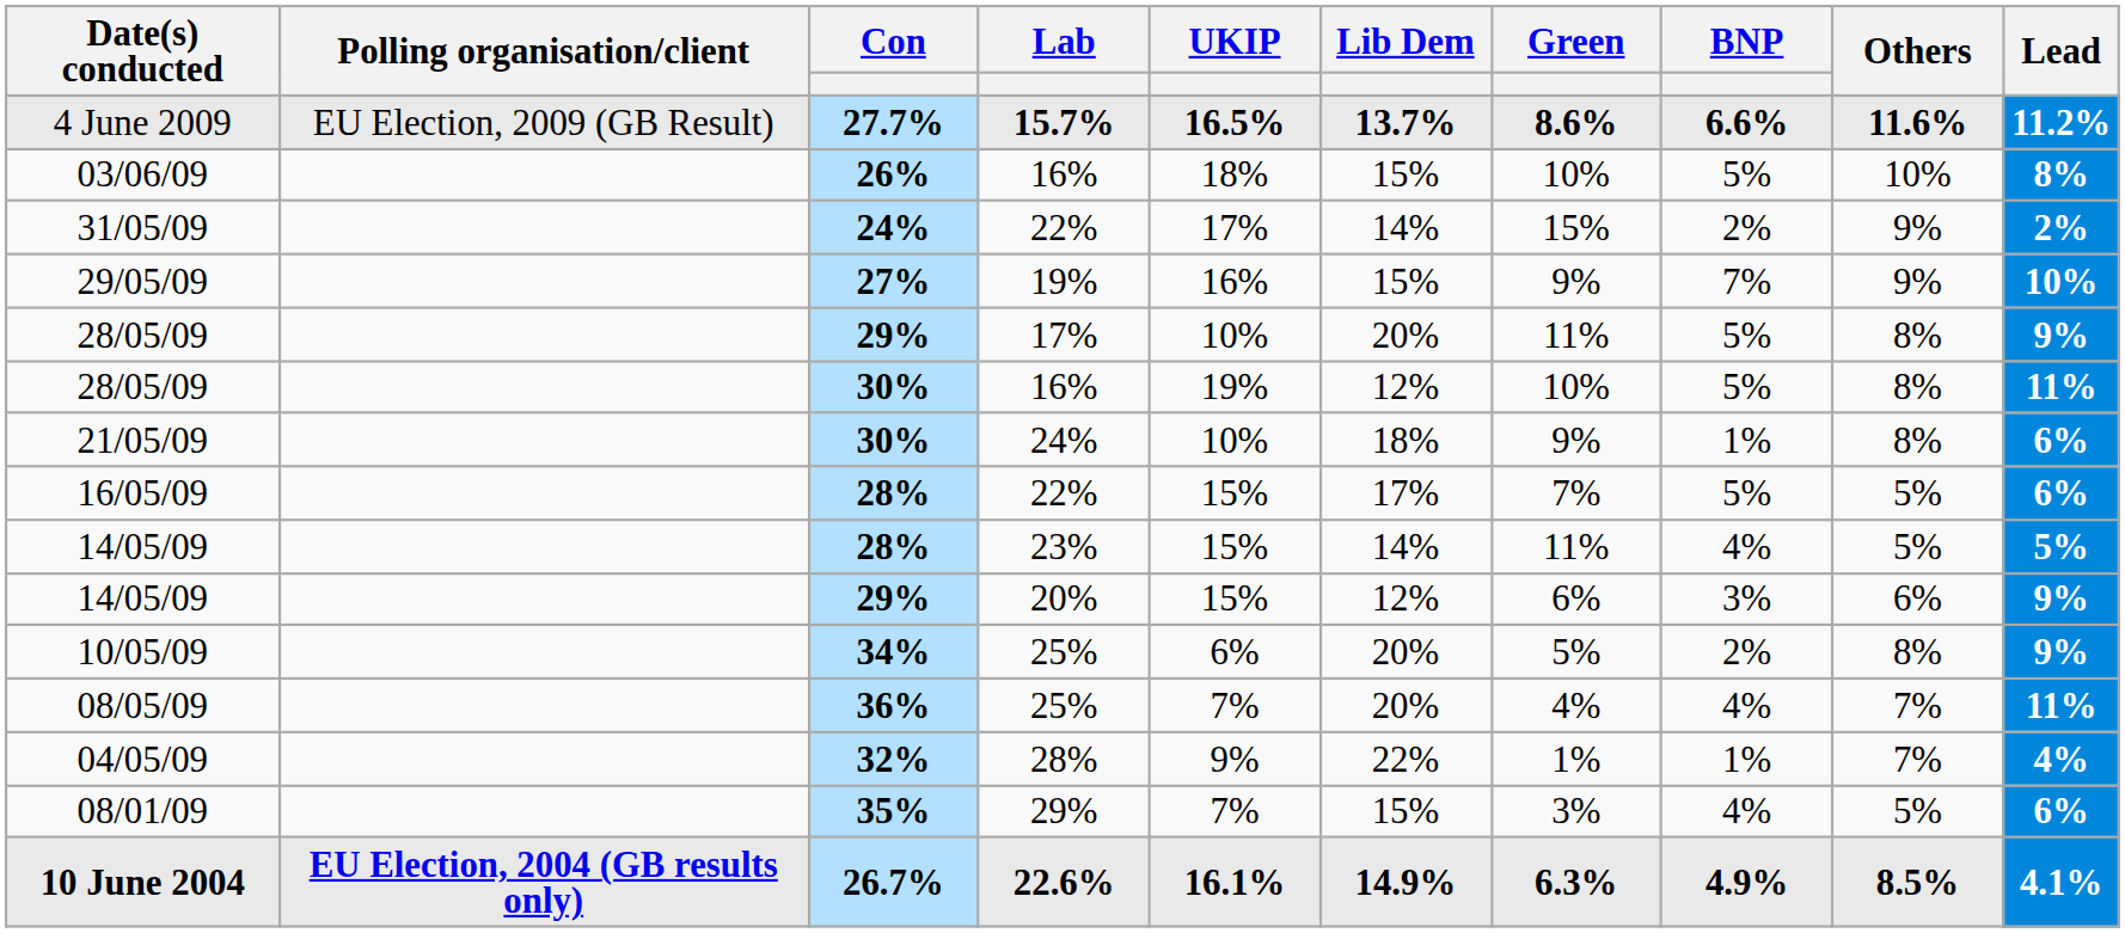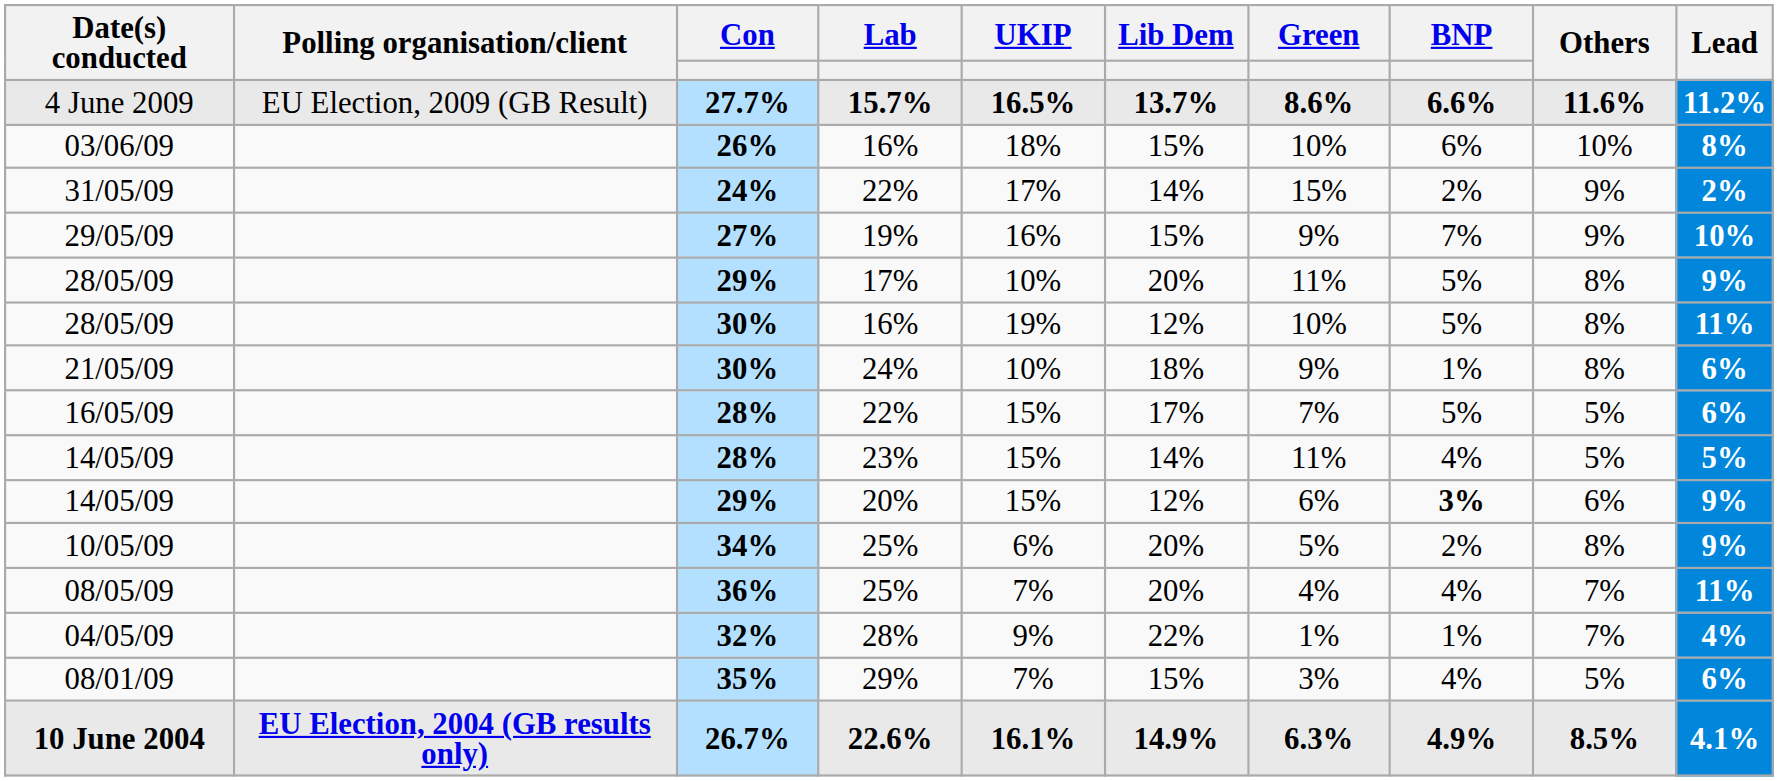 <table class="wikitable sortable" style="text-align:center; font-size:90%; line-height:14px">
 <tr>
 <th style="width:100px;" rowspan="2">Date(s)<br>conducted</th>
 <th style="width:200px;" rowspan="2">Polling organisation/client</th>
 <th style="width:60px;" class="unsortable"><a href='#'>Con</a></th>
 <th style="width:60px;" class="unsortable"><a href='#'>Lab</a></th>
 <th style="width:60px;" class="unsortable"><a href='#'>UKIP</a></th>
 <th style="width:60px;" class="unsortable"><a href='#'>Lib Dem</a></th>
 <th style="width:60px;" class="unsortable"><a href='#'>Green</a></th>
 <th style="width:60px;" class="unsortable"><a href='#'>BNP</a></th>
 <th style="width:60px;" rowspan="2" class="unsortable">Others</th>
 <th class="unsortable" style="width:20px;" rowspan="2">Lead</th>
 </tr>
 <tr>
 <th class="unsortable" style="color:inherit;background:"></th>
 <th class="unsortable" style="color:inherit;background:"></th>
 <th class="unsortable" style="color:inherit;background:"></th>
 <th class="unsortable" style="color:inherit;background:"></th>
 <th class="unsortable" style="color:inherit;background:"></th>
 <th class="unsortable" style="color:inherit;background:"></th>
 </tr>
 <tr>
 <td align="center" bgcolor="#e9e9e9">4 June 2009</td>
 <td align="center" bgcolor="#e9e9e9">EU Election, 2009 (GB Result)</td>
 <td align="center" bgcolor="#B3E0FF"><strong>27.7%</strong></td>
 <td align="center" bgcolor="#e9e9e9"><strong>15.7%</strong></td>
 <td align="center" bgcolor="#e9e9e9"><strong>16.5%</strong></td>
 <td align="center" bgcolor="#e9e9e9"><strong>13.7%</strong></td>
 <td align="center" bgcolor="#e9e9e9"><strong>8.6%</strong></td>
 <td align="center" bgcolor="#e9e9e9"><strong>6.6%</strong></td>
 <td align="center" bgcolor="#e9e9e9"><strong>11.6%</strong></td>
 <td style="background:#0087DC; color:white;"><strong>11.2%</strong></td>
 </tr>
 <tr>
 <td>03/06/09</td>
 <td></td>
 <td style="background:#B3E0FF"><strong>26%</strong></td>
 <td>16%</td>
 <td>18%</td>
 <td>15%</td>
 <td>10%</td>
-<td>5%</td>
+<td>6%</td>
 <td>10%</td>
 <td style="background:#0087DC; color:white;"><strong>8%</strong></td>
 </tr>
 <tr>
 <td>31/05/09</td>
 <td></td>
 <td style="background:#B3E0FF"><strong>24%</strong></td>
 <td>22%</td>
 <td>17%</td>
 <td>14%</td>
 <td>15%</td>
 <td>2%</td>
 <td>9%</td>
 <td style="background:#0087DC; color:white;"><strong>2%</strong></td>
 </tr>
 <tr>
 <td>29/05/09</td>
 <td></td>
 <td style="background:#B3E0FF"><strong>27%</strong></td>
 <td>19%</td>
 <td>16%</td>
 <td>15%</td>
 <td>9%</td>
 <td>7%</td>
 <td>9%</td>
 <td style="background:#0087DC; color:white;"><strong>10%</strong></td>
 </tr>
 <tr>
 <td>28/05/09</td>
 <td></td>
 <td style="background:#B3E0FF"><strong>29%</strong></td>
 <td>17%</td>
 <td>10%</td>
 <td>20%</td>
 <td>11%</td>
 <td>5%</td>
 <td>8%</td>
 <td style="background:#0087DC; color:white;"><strong>9%</strong></td>
 </tr>
 <tr>
 <td>28/05/09</td>
 <td></td>
 <td style="background:#B3E0FF"><strong>30%</strong></td>
 <td>16%</td>
 <td>19%</td>
 <td>12%</td>
 <td>10%</td>
 <td>5%</td>
 <td>8%</td>
 <td style="background:#0087DC; color:white;"><strong>11%</strong></td>
 </tr>
 <tr>
 <td>21/05/09</td>
 <td></td>
 <td style="background:#B3E0FF"><strong>30%</strong></td>
 <td>24%</td>
 <td>10%</td>
 <td>18%</td>
 <td>9%</td>
 <td>1%</td>
 <td>8%</td>
 <td style="background:#0087DC; color:white;"><strong>6%</strong></td>
 </tr>
 <tr>
 <td>16/05/09</td>
 <td></td>
 <td style="background:#B3E0FF"><strong>28%</strong></td>
 <td>22%</td>
 <td>15%</td>
 <td>17%</td>
 <td>7%</td>
 <td>5%</td>
 <td>5%</td>
 <td style="background:#0087DC; color:white;"><strong>6%</strong></td>
 </tr>
 <tr>
 <td>14/05/09</td>
 <td></td>
 <td style="background:#B3E0FF"><strong>28%</strong></td>
 <td>23%</td>
 <td>15%</td>
 <td>14%</td>
 <td>11%</td>
 <td>4%</td>
 <td>5%</td>
 <td style="background:#0087DC; color:white;"><strong>5%</strong></td>
 </tr>
 <tr>
 <td>14/05/09</td>
 <td></td>
 <td style="background:#B3E0FF"><strong>29%</strong></td>
 <td>20%</td>
 <td>15%</td>
 <td>12%</td>
 <td>6%</td>
-<td>3%</td>
+<td><strong>3%</strong></td>
 <td>6%</td>
 <td style="background:#0087DC; color:white;"><strong>9%</strong></td>
 </tr>
 <tr>
 <td>10/05/09</td>
 <td></td>
 <td style="background:#B3E0FF"><strong>34%</strong></td>
 <td>25%</td>
 <td>6%</td>
 <td>20%</td>
 <td>5%</td>
 <td>2%</td>
 <td>8%</td>
 <td style="background:#0087DC; color:white;"><strong>9%</strong></td>
 </tr>
 <tr>
 <td>08/05/09</td>
 <td></td>
 <td style="background:#B3E0FF"><strong>36%</strong></td>
 <td>25%</td>
 <td>7%</td>
 <td>20%</td>
 <td>4%</td>
 <td>4%</td>
 <td>7%</td>
 <td style="background:#0087DC; color:white;"><strong>11%</strong></td>
 </tr>
 <tr>
 <td>04/05/09</td>
 <td></td>
 <td style="background:#B3E0FF"><strong>32%</strong></td>
 <td>28%</td>
 <td>9%</td>
 <td>22%</td>
 <td>1%</td>
 <td>1%</td>
 <td>7%</td>
 <td style="background:#0087DC; color:white;"><strong>4%</strong></td>
 </tr>
 <tr>
 <td>08/01/09</td>
 <td></td>
 <td style="background:#B3E0FF"><strong>35%</strong></td>
 <td>29%</td>
 <td>7%</td>
 <td>15%</td>
 <td>3%</td>
 <td>4%</td>
 <td>5%</td>
 <td style="background:#0087DC; color:white;"><strong>6%</strong></td>
 </tr>
 <tr>
 <td align="center" bgcolor="#e9e9e9"><strong>10 June 2004</strong></td>
 <td align="center" bgcolor="#e9e9e9"><strong><a href='#'>EU Election, 2004 (GB results only)</a></strong></td>
 <td align="center" bgcolor="#B3E0FF"><strong>26.7%</strong></td>
 <td align="center" bgcolor="#e9e9e9"><strong>22.6%</strong></td>
 <td align="center" bgcolor="#e9e9e9"><strong>16.1%</strong></td>
 <td align="center" bgcolor="#e9e9e9"><strong>14.9%</strong></td>
 <td align="center" bgcolor="#e9e9e9"><strong>6.3%</strong></td>
 <td align="center" bgcolor="#e9e9e9"><strong>4.9%</strong></td>
 <td align="center" bgcolor="#e9e9e9"><strong>8.5%</strong></td>
 <td style="background:#0087DC; color:white;"><strong>4.1%</strong></td>
 </tr>
 </table>
